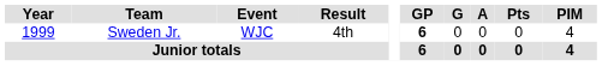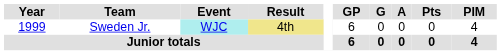 <table border="0" cellpadding="1" cellspacing="0" style="text-align:center; width:40em">
 <tr ALIGN="center" bgcolor="#e0e0e0">
 <th>Year</th>
 <th>Team</th>
 <th>Event</th>
 <th>Result</th>
 <th rowspan="99" bgcolor="#ffffff"> </th>
 <th>GP</th>
 <th>G</th>
 <th>A</th>
 <th>Pts</th>
 <th>PIM</th>
 </tr>
 <tr>
 <td><a href='#'>1999</a></td>
 <td><a href='#'>Sweden Jr.</a></td>
-<td><a href='#'>WJC</a></td>
-<td>4th</td>
-<td><strong>6</strong></td>
+<td style="background: paleturquoise;"><a href='#'>WJC</a></td>
+<td style="background: khaki;">4th</td>
+<td>6</td>
 <td>0</td>
 <td>0</td>
 <td>0</td>
 <td>4</td>
 </tr>
 <tr bgcolor="#e0e0e0">
 <td align="center" colspan=4><strong>Junior totals</strong></td>
 <th>6</th>
 <th>0</th>
 <th>0</th>
 <th>0</th>
 <th>4</th>
 </tr>
 </table>
